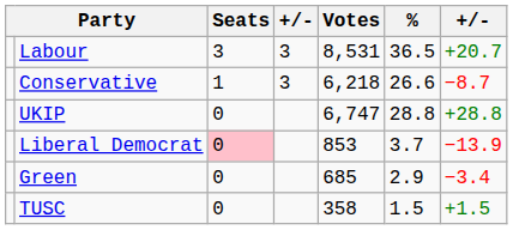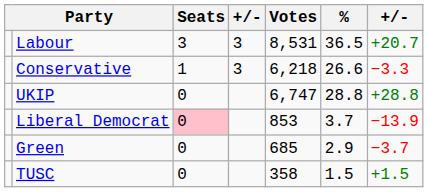 <table class="wikitable">
 <tr>
 <th colspan="2">Party</th>
 <th>Seats</th>
 <th>+/-</th>
 <th>Votes</th>
 <th>%</th>
 <th>+/-</th>
 </tr>
 <tr>
 <td style="background-color: "></td>
 <td><a href='#'>Labour</a></td>
 <td>3</td>
 <td>3</td>
 <td>8,531</td>
 <td>36.5</td>
 <td style="color:green">+20.7</td>
 </tr>
 <tr>
 <td style="background-color: "></td>
 <td><a href='#'>Conservative</a></td>
 <td>1</td>
 <td>3</td>
 <td>6,218</td>
 <td>26.6</td>
-<td style="color:red">−8.7</td>
+<td style="color:red">−3.3</td>
 </tr>
 <tr>
 <td style="background-color: "></td>
 <td><a href='#'>UKIP</a></td>
 <td>0</td>
 <td></td>
 <td>6,747</td>
 <td>28.8</td>
 <td style="color:green">+28.8</td>
 </tr>
 <tr>
 <td style="background-color: "></td>
 <td><a href='#'>Liberal Democrat</a></td>
 <td style="background: pink;">0</td>
 <td></td>
 <td>853</td>
 <td>3.7</td>
 <td style="color:red">−13.9</td>
 </tr>
 <tr>
 <td style="background-color: "></td>
 <td><a href='#'>Green</a></td>
 <td>0</td>
 <td></td>
 <td>685</td>
 <td>2.9</td>
-<td style="color:red">−3.4</td>
+<td style="color:red">−3.7</td>
 </tr>
 <tr>
 <td style="background-color: "></td>
 <td><a href='#'>TUSC</a></td>
 <td>0</td>
 <td></td>
 <td>358</td>
 <td>1.5</td>
 <td style="color:green">+1.5</td>
 </tr>
 </table>
